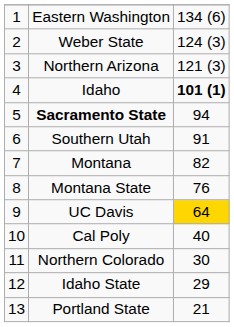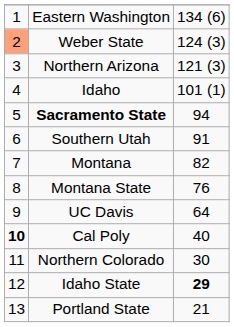 <table class="wikitable" style="display: inline-table;">
 <tr align="center">
 </tr>
 <tr align="center">
 <td>1</td>
 <td>Eastern Washington</td>
 <td>134 (6)</td>
 </tr>
 <tr align="center">
-<td>2</td>
+<td style="background: lightsalmon;">2</td>
 <td>Weber State</td>
 <td>124 (3)</td>
 </tr>
 <tr align="center">
 <td>3</td>
 <td>Northern Arizona</td>
 <td>121 (3)</td>
 </tr>
 <tr align="center">
 <td>4</td>
 <td>Idaho</td>
-<td><strong>101 (1)</strong></td>
+<td>101 (1)</td>
 </tr>
 <tr align="center">
 <td>5</td>
 <td><strong>Sacramento State</strong></td>
 <td>94</td>
 </tr>
 <tr align="center">
 <td>6</td>
 <td>Southern Utah</td>
 <td>91</td>
 </tr>
 <tr align="center">
 <td>7</td>
 <td>Montana</td>
 <td>82</td>
 </tr>
 <tr align="center">
 <td>8</td>
 <td>Montana State</td>
 <td>76</td>
 </tr>
 <tr align="center">
 <td>9</td>
 <td>UC Davis</td>
-<td style="background: gold;">64</td>
+<td>64</td>
 </tr>
 <tr align="center">
-<td>10</td>
+<td><strong>10</strong></td>
 <td>Cal Poly</td>
 <td>40</td>
 </tr>
 <tr align="center">
 <td>11</td>
 <td>Northern Colorado</td>
 <td>30</td>
 </tr>
 <tr align="center">
 <td>12</td>
 <td>Idaho State</td>
-<td>29</td>
+<td><strong>29</strong></td>
 </tr>
 <tr align="center">
 <td>13</td>
 <td>Portland State</td>
 <td>21</td>
 </tr>
 </table>
